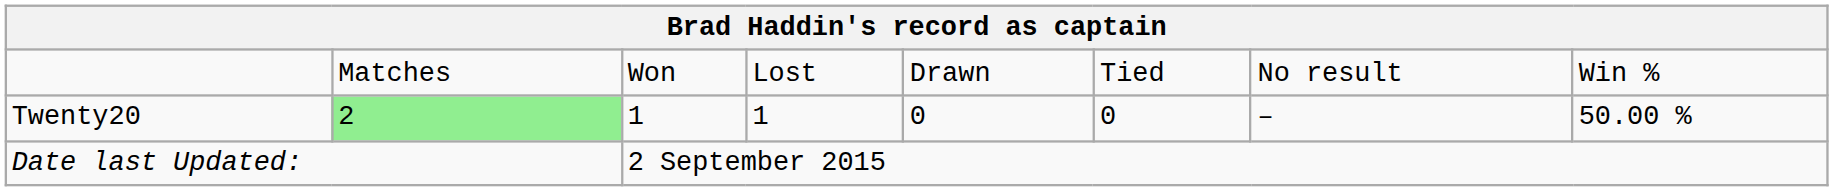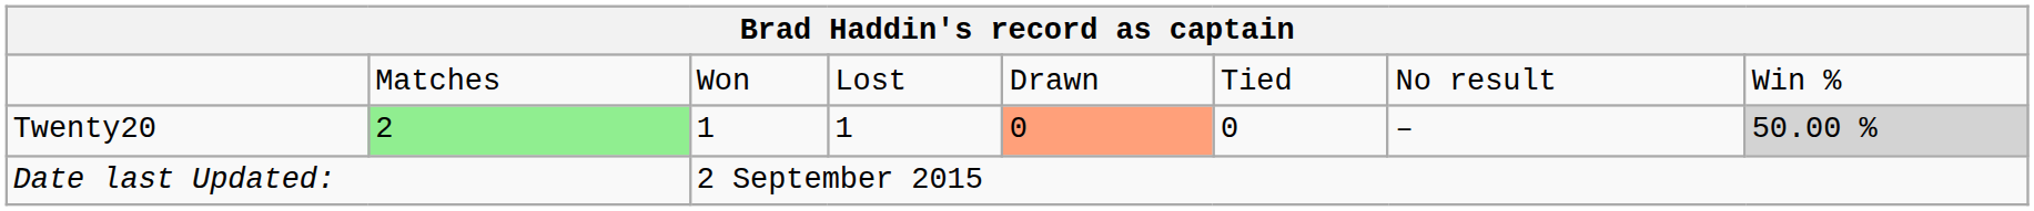 <table class="wikitable" style="float: right; margin-left: 1em; width: 40%; font-size: 90%;">
 <tr>
 <th colspan="8"><strong>Brad Haddin's record as captain</strong></th>
 </tr>
 <tr>
 <td> </td>
 <td>Matches</td>
 <td>Won</td>
 <td>Lost</td>
 <td>Drawn</td>
 <td>Tied</td>
 <td>No result</td>
 <td>Win %</td>
 </tr>
 <tr>
 <td>Twenty20</td>
 <td style="background: lightgreen;">2</td>
 <td>1</td>
 <td>1</td>
-<td>0</td>
+<td style="background: lightsalmon;">0</td>
 <td>0</td>
 <td>–</td>
-<td>50.00 %</td>
+<td style="background: lightgrey;">50.00 %</td>
 </tr>
 <tr>
 <td colspan=2><em>Date last Updated:</em></td>
 <td colspan=8>2 September 2015</td>
 </tr>
 </table>
